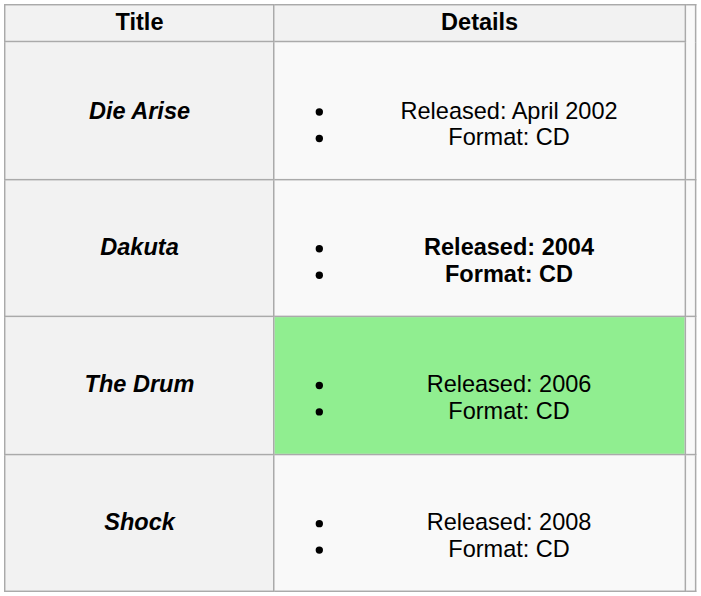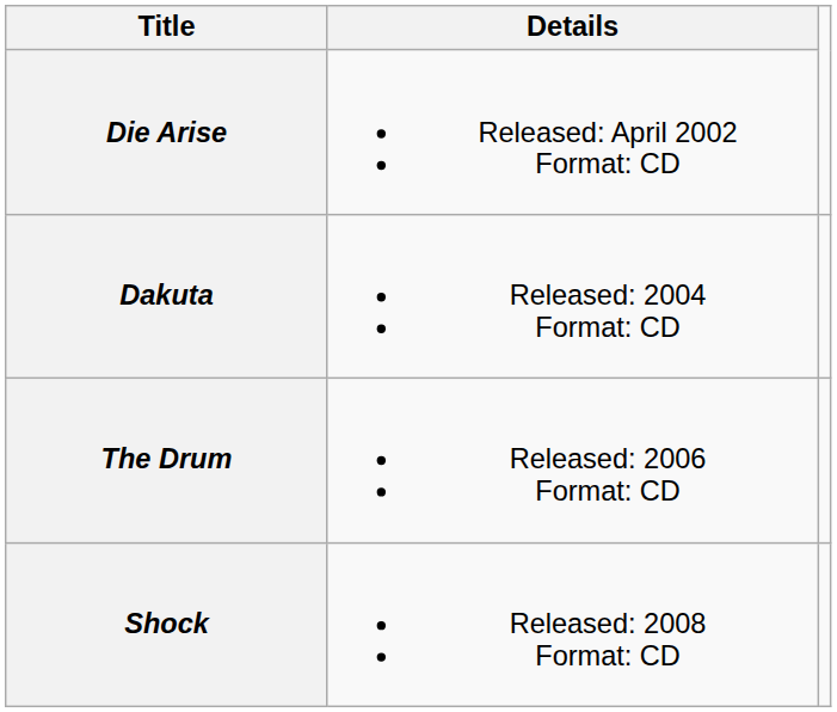 <table class="wikitable plainrowheaders" style="text-align:center;" border="1">
 <tr>
 <th scope="col" style="width:11em;">Title</th>
 <th scope="col" style="width:17em;">Details</th>
 </tr>
 <tr>
 <th scope="row"><em>Die Arise</em></th>
 <td><br><ul><li>Released: April 2002</li><li>Format: CD</li></ul></td>
 </tr>
 <tr>
 <th scope="row"><em>Dakuta</em></th>
-<td><strong><br><ul><li>Released: 2004</li><li>Format: CD</li></ul></strong></td>
+<td><br><ul><li>Released: 2004</li><li>Format: CD</li></ul></td>
 <td></td>
 </tr>
 <tr>
 <th scope="row"><em>The Drum</em></th>
-<td style="background: lightgreen;"><br><ul><li>Released: 2006</li><li>Format: CD</li></ul></td>
+<td><br><ul><li>Released: 2006</li><li>Format: CD</li></ul></td>
 <td></td>
 </tr>
 <tr>
 <th scope="row"><em>Shock</em></th>
 <td><br><ul><li>Released: 2008</li><li>Format: CD</li></ul></td>
 </tr>
 </table>
